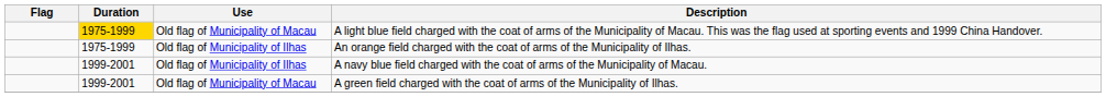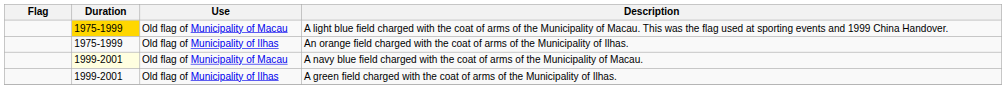 <table class="wikitable" width="100%">
 <tr>
 <th width="100px">Flag</th>
 <th width="100px">Duration</th>
 <th width="250px">Use</th>
 <th style="min-width:250px">Description</th>
 </tr>
 <tr>
 <td><br></td>
 <td style="background: gold;">1975-1999</td>
 <td>Old flag of <a href='#'>Municipality of Macau</a></td>
 <td>A light blue field charged with the coat of arms of the Municipality of Macau. This was the flag used at sporting events and 1999 China Handover.</td>
 </tr>
 <tr>
 <td></td>
 <td>1975-1999</td>
 <td>Old flag of <a href='#'>Municipality of Ilhas</a></td>
 <td>An orange field charged with the coat of arms of the Municipality of Ilhas.</td>
 </tr>
 <tr>
 <td></td>
-<td>1999-2001</td>
-<td>Old flag of <a href='#'>Municipality of Ilhas</a></td>
+<td style="background: lightyellow;">1999-2001</td>
+<td>Old flag of <a href='#'>Municipality of Macau</a></td>
 <td>A navy blue field charged with the coat of arms of the Municipality of Macau.</td>
 </tr>
 <tr>
 <td></td>
 <td>1999-2001</td>
-<td>Old flag of <a href='#'>Municipality of Macau</a></td>
+<td>Old flag of <a href='#'>Municipality of Ilhas</a></td>
 <td>A green field charged with the coat of arms of the Municipality of Ilhas.</td>
 </tr>
 <tr>
 </tr>
 </table>
